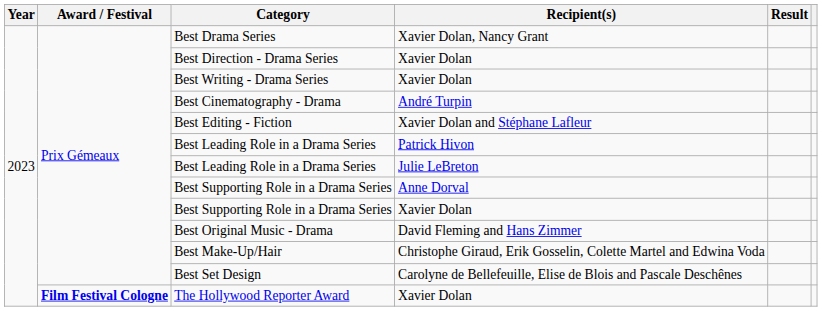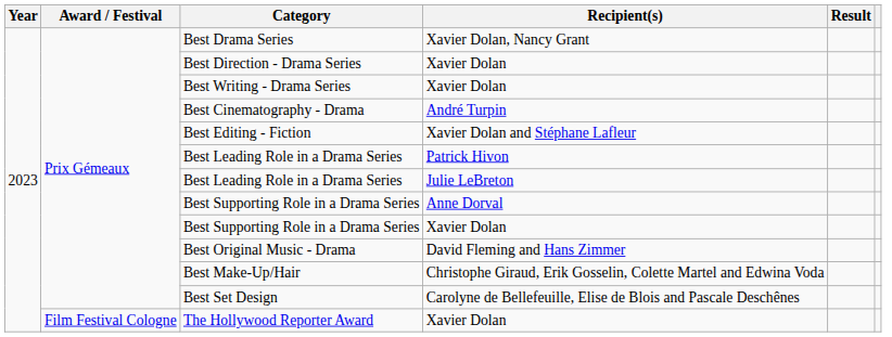 <table class="wikitable sortable">
 <tr>
 <th>Year</th>
 <th>Award / Festival</th>
 <th>Category</th>
 <th>Recipient(s)</th>
 <th>Result</th>
 <th></th>
 </tr>
 <tr>
 <td rowspan=13>2023</td>
 <td rowspan=12><a href='#'>Prix Gémeaux</a></td>
 <td>Best Drama Series</td>
 <td>Xavier Dolan, Nancy Grant</td>
 <td></td>
 <td></td>
 </tr>
 <tr>
 <td>Best Direction - Drama Series</td>
 <td>Xavier Dolan</td>
 <td></td>
 <td></td>
 </tr>
 <tr>
 <td>Best Writing - Drama Series</td>
 <td>Xavier Dolan</td>
 <td></td>
 <td></td>
 </tr>
 <tr>
 <td>Best Cinematography - Drama</td>
 <td><a href='#'>André Turpin</a></td>
 <td></td>
 <td></td>
 </tr>
 <tr>
 <td>Best Editing - Fiction</td>
 <td>Xavier Dolan and <a href='#'>Stéphane Lafleur</a></td>
 <td></td>
 <td></td>
 </tr>
 <tr>
 <td>Best Leading Role in a Drama Series</td>
 <td><a href='#'>Patrick Hivon</a></td>
 <td></td>
 <td></td>
 </tr>
 <tr>
 <td>Best Leading Role in a Drama Series</td>
 <td><a href='#'>Julie LeBreton</a></td>
 <td></td>
 <td></td>
 </tr>
 <tr>
 <td>Best Supporting Role in a Drama Series</td>
 <td><a href='#'>Anne Dorval</a></td>
 <td></td>
 <td></td>
 </tr>
 <tr>
 <td>Best Supporting Role in a Drama Series</td>
 <td>Xavier Dolan</td>
 <td></td>
 <td></td>
 </tr>
 <tr>
 <td>Best Original Music - Drama</td>
 <td>David Fleming and <a href='#'>Hans Zimmer</a></td>
 <td></td>
 <td></td>
 </tr>
 <tr>
 <td>Best Make-Up/Hair</td>
 <td>Christophe Giraud, Erik Gosselin, Colette Martel and Edwina Voda</td>
 <td></td>
 <td></td>
 </tr>
 <tr>
 <td>Best Set Design</td>
 <td>Carolyne de Bellefeuille, Elise de Blois and Pascale Deschênes</td>
 <td></td>
 <td></td>
 </tr>
 <tr>
-<td><strong><a href='#'>Film Festival Cologne</a></strong></td>
+<td><a href='#'>Film Festival Cologne</a></td>
 <td><a href='#'>The Hollywood Reporter Award</a></td>
 <td>Xavier Dolan</td>
 <td></td>
 <td></td>
 </tr>
 </table>
